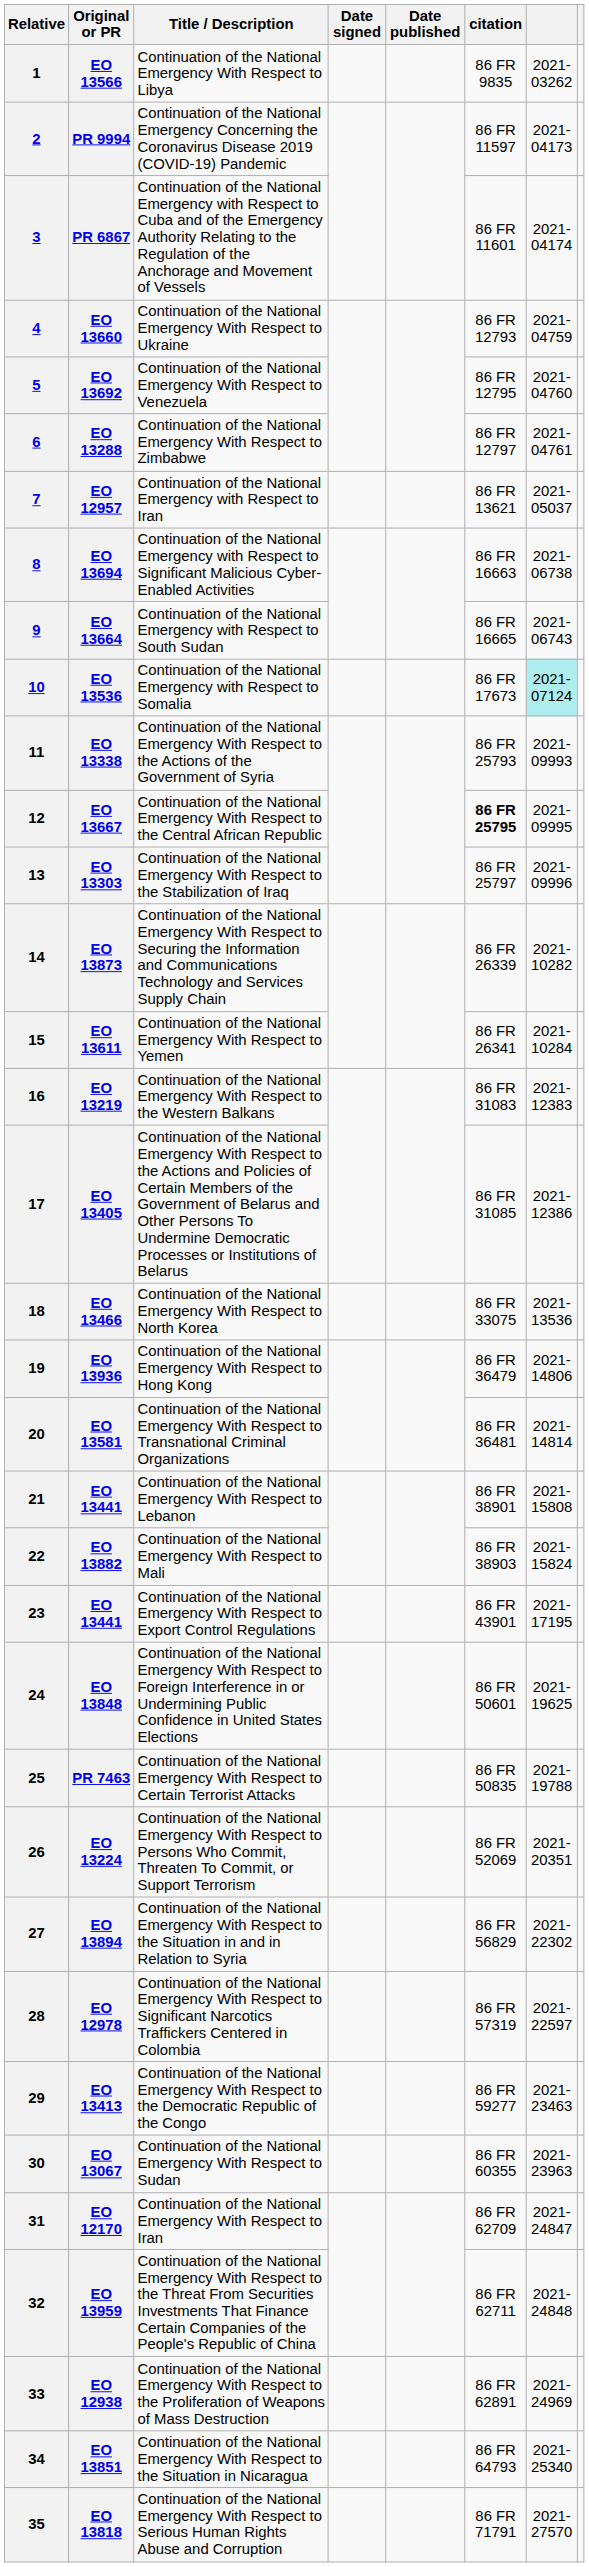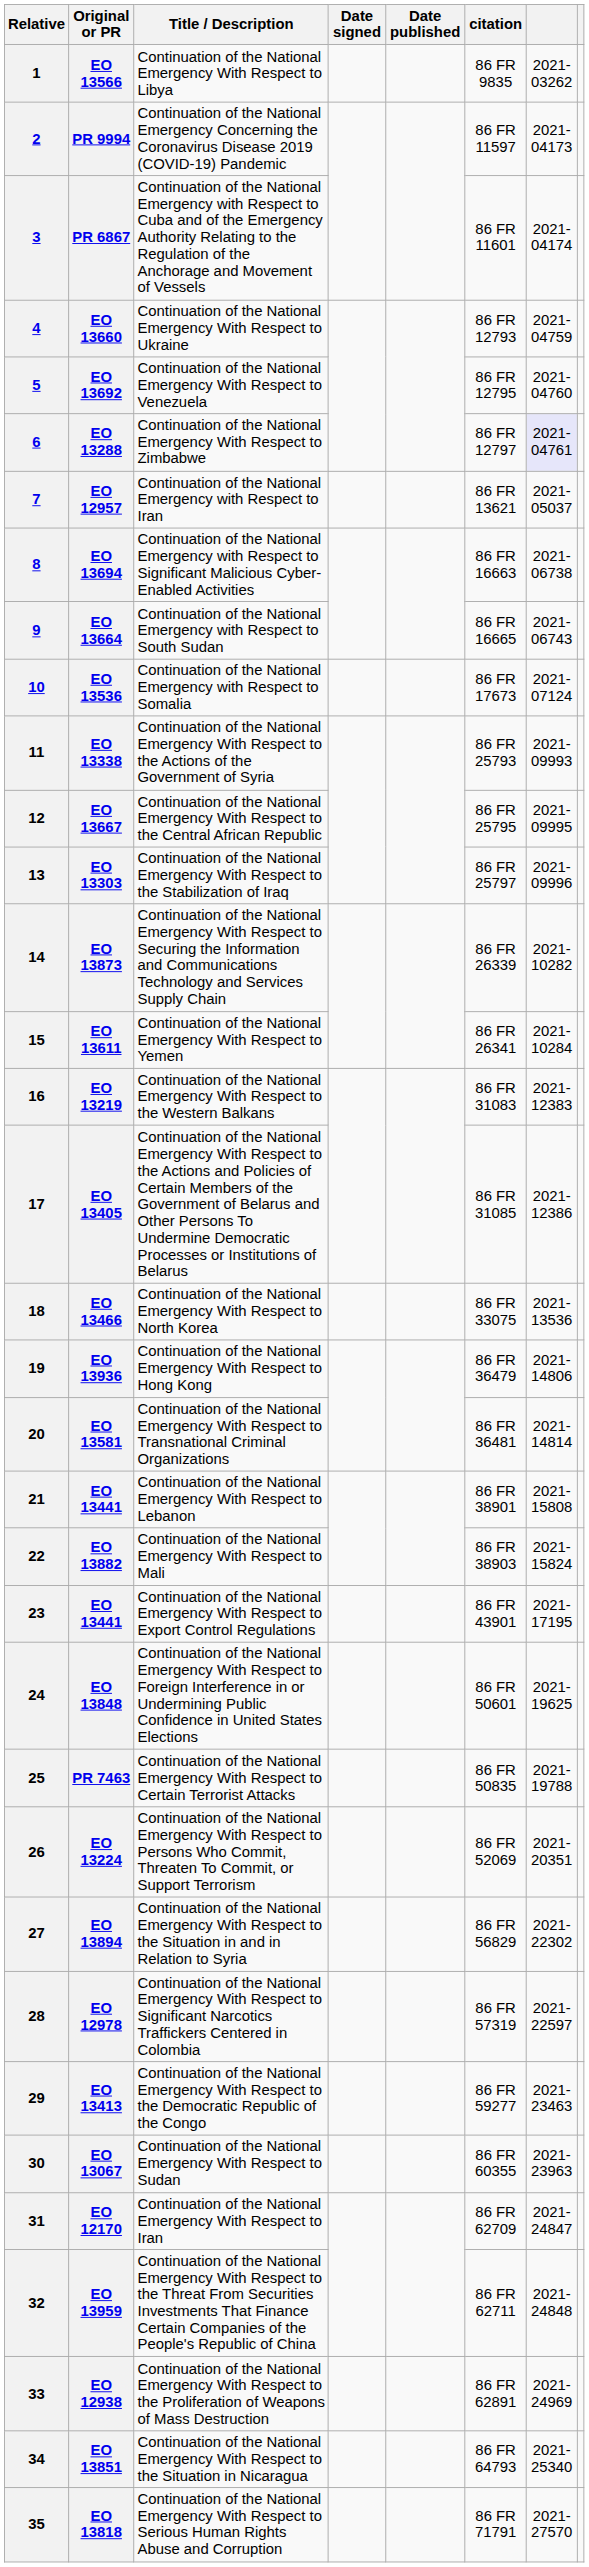 <table class="wikitable sortable plainrowheaders" style="width:100%">
 <tr>
 <th>Relative</th>
 <th>Original  or PR</th>
 <th>Title / Description</th>
 <th>Date signed</th>
 <th>Date published</th>
 <th>citation</th>
 <th></th>
 <th class="unsortable"></th>
 </tr>
 <tr style="text-align:center">
 <th>1</th>
 <th><a href='#'>EO 13566</a></th>
 <td style="text-align:left">Continuation of the National Emergency With Respect to Libya</td>
 <td></td>
 <td></td>
 <td>86 FR 9835</td>
 <td>2021-03262</td>
 <td></td>
 </tr>
 <tr style="text-align:center">
 <th><a href='#'>2</a></th>
 <th><a href='#'>PR 9994</a></th>
 <td style="text-align:left">Continuation of the National Emergency Concerning the Coronavirus Disease 2019 (COVID-19) Pandemic</td>
 <td rowspan=2></td>
 <td rowspan=2></td>
 <td>86 FR 11597</td>
 <td>2021-04173</td>
 <td></td>
 </tr>
 <tr style="text-align:center">
 <th><a href='#'>3</a></th>
 <th><a href='#'>PR 6867</a></th>
 <td style="text-align:left">Continuation of the National Emergency with Respect to Cuba and of the Emergency Authority Relating to the Regulation of the Anchorage and Movement of Vessels</td>
 <td>86 FR 11601</td>
 <td>2021-04174</td>
 <td></td>
 </tr>
 <tr style="text-align:center">
 <th><a href='#'>4</a></th>
 <th><a href='#'>EO 13660</a></th>
 <td style="text-align:left">Continuation of the National Emergency With Respect to Ukraine</td>
 <td rowspan=3></td>
 <td rowspan=3></td>
 <td>86 FR 12793</td>
 <td>2021-04759</td>
 <td></td>
 </tr>
 <tr style="text-align:center">
 <th><a href='#'>5</a></th>
 <th><a href='#'>EO 13692</a></th>
 <td style="text-align:left">Continuation of the National Emergency With Respect to Venezuela</td>
 <td>86 FR 12795</td>
 <td>2021-04760</td>
 <td></td>
 </tr>
 <tr style="text-align:center">
 <th><a href='#'>6</a></th>
 <th><a href='#'>EO 13288</a></th>
 <td style="text-align:left">Continuation of the National Emergency With Respect to Zimbabwe</td>
 <td>86 FR 12797</td>
-<td>2021-04761</td>
+<td style="background: lavender;">2021-04761</td>
 <td></td>
 </tr>
 <tr style="text-align:center">
 <th><a href='#'>7</a></th>
 <th><a href='#'>EO 12957</a></th>
 <td style="text-align:left">Continuation of the National Emergency with Respect to Iran</td>
 <td></td>
 <td></td>
 <td>86 FR 13621</td>
 <td>2021-05037</td>
 <td></td>
 </tr>
 <tr style="text-align:center">
 <th><a href='#'>8</a></th>
 <th><a href='#'>EO 13694</a></th>
 <td style="text-align:left">Continuation of the National Emergency with Respect to Significant Malicious Cyber-Enabled Activities</td>
 <td rowspan=2></td>
 <td rowspan=2></td>
 <td>86 FR 16663</td>
 <td>2021-06738</td>
 <td></td>
 </tr>
 <tr style="text-align:center">
 <th><a href='#'>9</a></th>
 <th><a href='#'>EO 13664</a></th>
 <td style="text-align:left">Continuation of the National Emergency with Respect to South Sudan</td>
 <td>86 FR 16665</td>
 <td>2021-06743</td>
 <td></td>
 </tr>
 <tr style="text-align:center">
 <th><a href='#'>10</a></th>
 <th><a href='#'>EO 13536</a></th>
 <td style="text-align:left">Continuation of the National Emergency with Respect to Somalia</td>
 <td></td>
 <td></td>
 <td>86 FR 17673</td>
-<td style="background: paleturquoise;">2021-07124</td>
+<td>2021-07124</td>
 <td></td>
 </tr>
 <tr style="text-align:center">
 <th>11</th>
 <th><a href='#'>EO 13338</a></th>
 <td style="text-align:left">Continuation of the National Emergency With Respect to the Actions of the Government of Syria</td>
 <td rowspan=3></td>
 <td rowspan=3></td>
 <td>86 FR 25793</td>
 <td>2021-09993</td>
 <td></td>
 </tr>
 <tr style="text-align:center">
 <th>12</th>
 <th><a href='#'>EO 13667</a></th>
 <td style="text-align:left">Continuation of the National Emergency With Respect to the Central African Republic</td>
-<td><strong>86 FR 25795</strong></td>
+<td>86 FR 25795</td>
 <td>2021-09995</td>
 <td></td>
 </tr>
 <tr style="text-align:center">
 <th>13</th>
 <th><a href='#'>EO 13303</a></th>
 <td style="text-align:left">Continuation of the National Emergency With Respect to the Stabilization of Iraq</td>
 <td>86 FR 25797</td>
 <td>2021-09996</td>
 <td></td>
 </tr>
 <tr style="text-align:center">
 <th>14</th>
 <th><a href='#'>EO 13873</a></th>
 <td style="text-align:left">Continuation of the National Emergency With Respect to Securing the Information and Communications Technology and Services Supply Chain</td>
 <td rowspan=2></td>
 <td rowspan=2></td>
 <td>86 FR 26339</td>
 <td>2021-10282</td>
 <td></td>
 </tr>
 <tr style="text-align:center">
 <th>15</th>
 <th><a href='#'>EO 13611</a></th>
 <td style="text-align:left">Continuation of the National Emergency With Respect to Yemen</td>
 <td>86 FR 26341</td>
 <td>2021-10284</td>
 <td></td>
 </tr>
 <tr style="text-align:center">
 <th>16</th>
 <th><a href='#'>EO 13219</a></th>
 <td style="text-align:left">Continuation of the National Emergency With Respect to the Western Balkans</td>
 <td rowspan=2></td>
 <td rowspan=2></td>
 <td>86 FR 31083</td>
 <td>2021-12383</td>
 <td></td>
 </tr>
 <tr style="text-align:center">
 <th>17</th>
 <th><a href='#'>EO 13405</a></th>
 <td style="text-align:left">Continuation of the National Emergency With Respect to the Actions and Policies of Certain Members of the Government of Belarus and Other Persons To Undermine Democratic Processes or Institutions of Belarus</td>
 <td>86 FR 31085</td>
 <td>2021-12386</td>
 <td></td>
 </tr>
 <tr style="text-align:center">
 <th>18</th>
 <th><a href='#'>EO 13466</a></th>
 <td style="text-align:left">Continuation of the National Emergency With Respect to North Korea</td>
 <td></td>
 <td></td>
 <td>86 FR 33075</td>
 <td>2021-13536</td>
 <td></td>
 </tr>
 <tr style="text-align:center">
 <th>19</th>
 <th><a href='#'>EO 13936</a></th>
 <td style="text-align:left">Continuation of the National Emergency With Respect to Hong Kong</td>
 <td rowspan=2></td>
 <td rowspan=2></td>
 <td>86 FR 36479</td>
 <td>2021-14806</td>
 <td></td>
 </tr>
 <tr style="text-align:center">
 <th>20</th>
 <th><a href='#'>EO 13581</a></th>
 <td style="text-align:left">Continuation of the National Emergency With Respect to Transnational Criminal Organizations</td>
 <td>86 FR 36481</td>
 <td>2021-14814</td>
 <td></td>
 </tr>
 <tr style="text-align:center">
 <th>21</th>
 <th><a href='#'>EO 13441</a></th>
 <td style="text-align:left">Continuation of the National Emergency With Respect to Lebanon</td>
 <td rowspan=2></td>
 <td rowspan=2></td>
 <td>86 FR 38901</td>
 <td>2021-15808</td>
 <td></td>
 </tr>
 <tr style="text-align:center">
 <th>22</th>
 <th><a href='#'>EO 13882</a></th>
 <td style="text-align:left">Continuation of the National Emergency With Respect to Mali</td>
 <td>86 FR 38903</td>
 <td>2021-15824</td>
 <td></td>
 </tr>
 <tr style="text-align:center">
 <th>23</th>
 <th><a href='#'>EO 13441</a></th>
 <td style="text-align:left">Continuation of the National Emergency With Respect to Export Control Regulations</td>
 <td></td>
 <td></td>
 <td>86 FR 43901</td>
 <td>2021-17195</td>
 <td></td>
 </tr>
 <tr style="text-align:center">
 <th>24</th>
 <th><a href='#'>EO 13848</a></th>
 <td style="text-align:left">Continuation of the National Emergency With Respect to Foreign Interference in or Undermining Public Confidence in United States Elections</td>
 <td></td>
 <td></td>
 <td>86 FR 50601</td>
 <td>2021-19625</td>
 <td></td>
 </tr>
 <tr style="text-align:center">
 <th>25</th>
 <th><a href='#'>PR 7463</a></th>
 <td style="text-align:left">Continuation of the National Emergency With Respect to Certain Terrorist Attacks</td>
 <td></td>
 <td></td>
 <td>86 FR 50835</td>
 <td>2021-19788</td>
 <td></td>
 </tr>
 <tr style="text-align:center">
 <th>26</th>
 <th><a href='#'>EO 13224</a></th>
 <td style="text-align:left">Continuation of the National Emergency With Respect to Persons Who Commit, Threaten To Commit, or Support Terrorism</td>
 <td></td>
 <td></td>
 <td>86 FR 52069</td>
 <td>2021-20351</td>
 <td></td>
 </tr>
 <tr style="text-align:center">
 <th>27</th>
 <th><a href='#'>EO 13894</a></th>
 <td style="text-align:left">Continuation of the National Emergency With Respect to the Situation in and in Relation to Syria</td>
 <td></td>
 <td></td>
 <td>86 FR 56829</td>
 <td>2021-22302</td>
 <td></td>
 </tr>
 <tr style="text-align:center">
 <th>28</th>
 <th><a href='#'>EO 12978</a></th>
 <td style="text-align:left">Continuation of the National Emergency With Respect to Significant Narcotics Traffickers Centered in Colombia</td>
 <td></td>
 <td></td>
 <td>86 FR 57319</td>
 <td>2021-22597</td>
 <td></td>
 </tr>
 <tr style="text-align:center">
 <th>29</th>
 <th><a href='#'>EO 13413</a></th>
 <td style="text-align:left">Continuation of the National Emergency With Respect to the Democratic Republic of the Congo</td>
 <td></td>
 <td></td>
 <td>86 FR 59277</td>
 <td>2021-23463</td>
 <td></td>
 </tr>
 <tr style="text-align:center">
 <th>30</th>
 <th><a href='#'>EO 13067</a></th>
 <td style="text-align:left">Continuation of the National Emergency With Respect to Sudan</td>
 <td></td>
 <td></td>
 <td>86 FR 60355</td>
 <td>2021-23963</td>
 <td></td>
 </tr>
 <tr style="text-align:center">
 <th>31</th>
 <th><a href='#'>EO 12170</a></th>
 <td style="text-align:left">Continuation of the National Emergency With Respect to Iran</td>
 <td rowspan=2></td>
 <td rowspan=2></td>
 <td>86 FR 62709</td>
 <td>2021-24847</td>
 <td></td>
 </tr>
 <tr style="text-align:center">
 <th>32</th>
 <th><a href='#'>EO 13959</a></th>
 <td style="text-align:left">Continuation of the National Emergency With Respect to the Threat From Securities Investments That Finance Certain Companies of the People's Republic of China</td>
 <td>86 FR 62711</td>
 <td>2021-24848</td>
 <td></td>
 </tr>
 <tr style="text-align:center">
 <th>33</th>
 <th><a href='#'>EO 12938</a></th>
 <td style="text-align:left">Continuation of the National Emergency With Respect to the Proliferation of Weapons of Mass Destruction</td>
 <td></td>
 <td></td>
 <td>86 FR 62891</td>
 <td>2021-24969</td>
 <td></td>
 </tr>
 <tr style="text-align:center">
 <th>34</th>
 <th><a href='#'>EO 13851</a></th>
 <td style="text-align:left">Continuation of the National Emergency With Respect to the Situation in Nicaragua</td>
 <td></td>
 <td></td>
 <td>86 FR 64793</td>
 <td>2021-25340</td>
 <td></td>
 </tr>
 <tr style="text-align:center">
 <th>35</th>
 <th><a href='#'>EO 13818</a></th>
 <td style="text-align:left">Continuation of the National Emergency With Respect to Serious Human Rights Abuse and Corruption</td>
 <td></td>
 <td></td>
 <td>86 FR 71791</td>
 <td>2021-27570</td>
 <td></td>
 </tr>
 </table>
